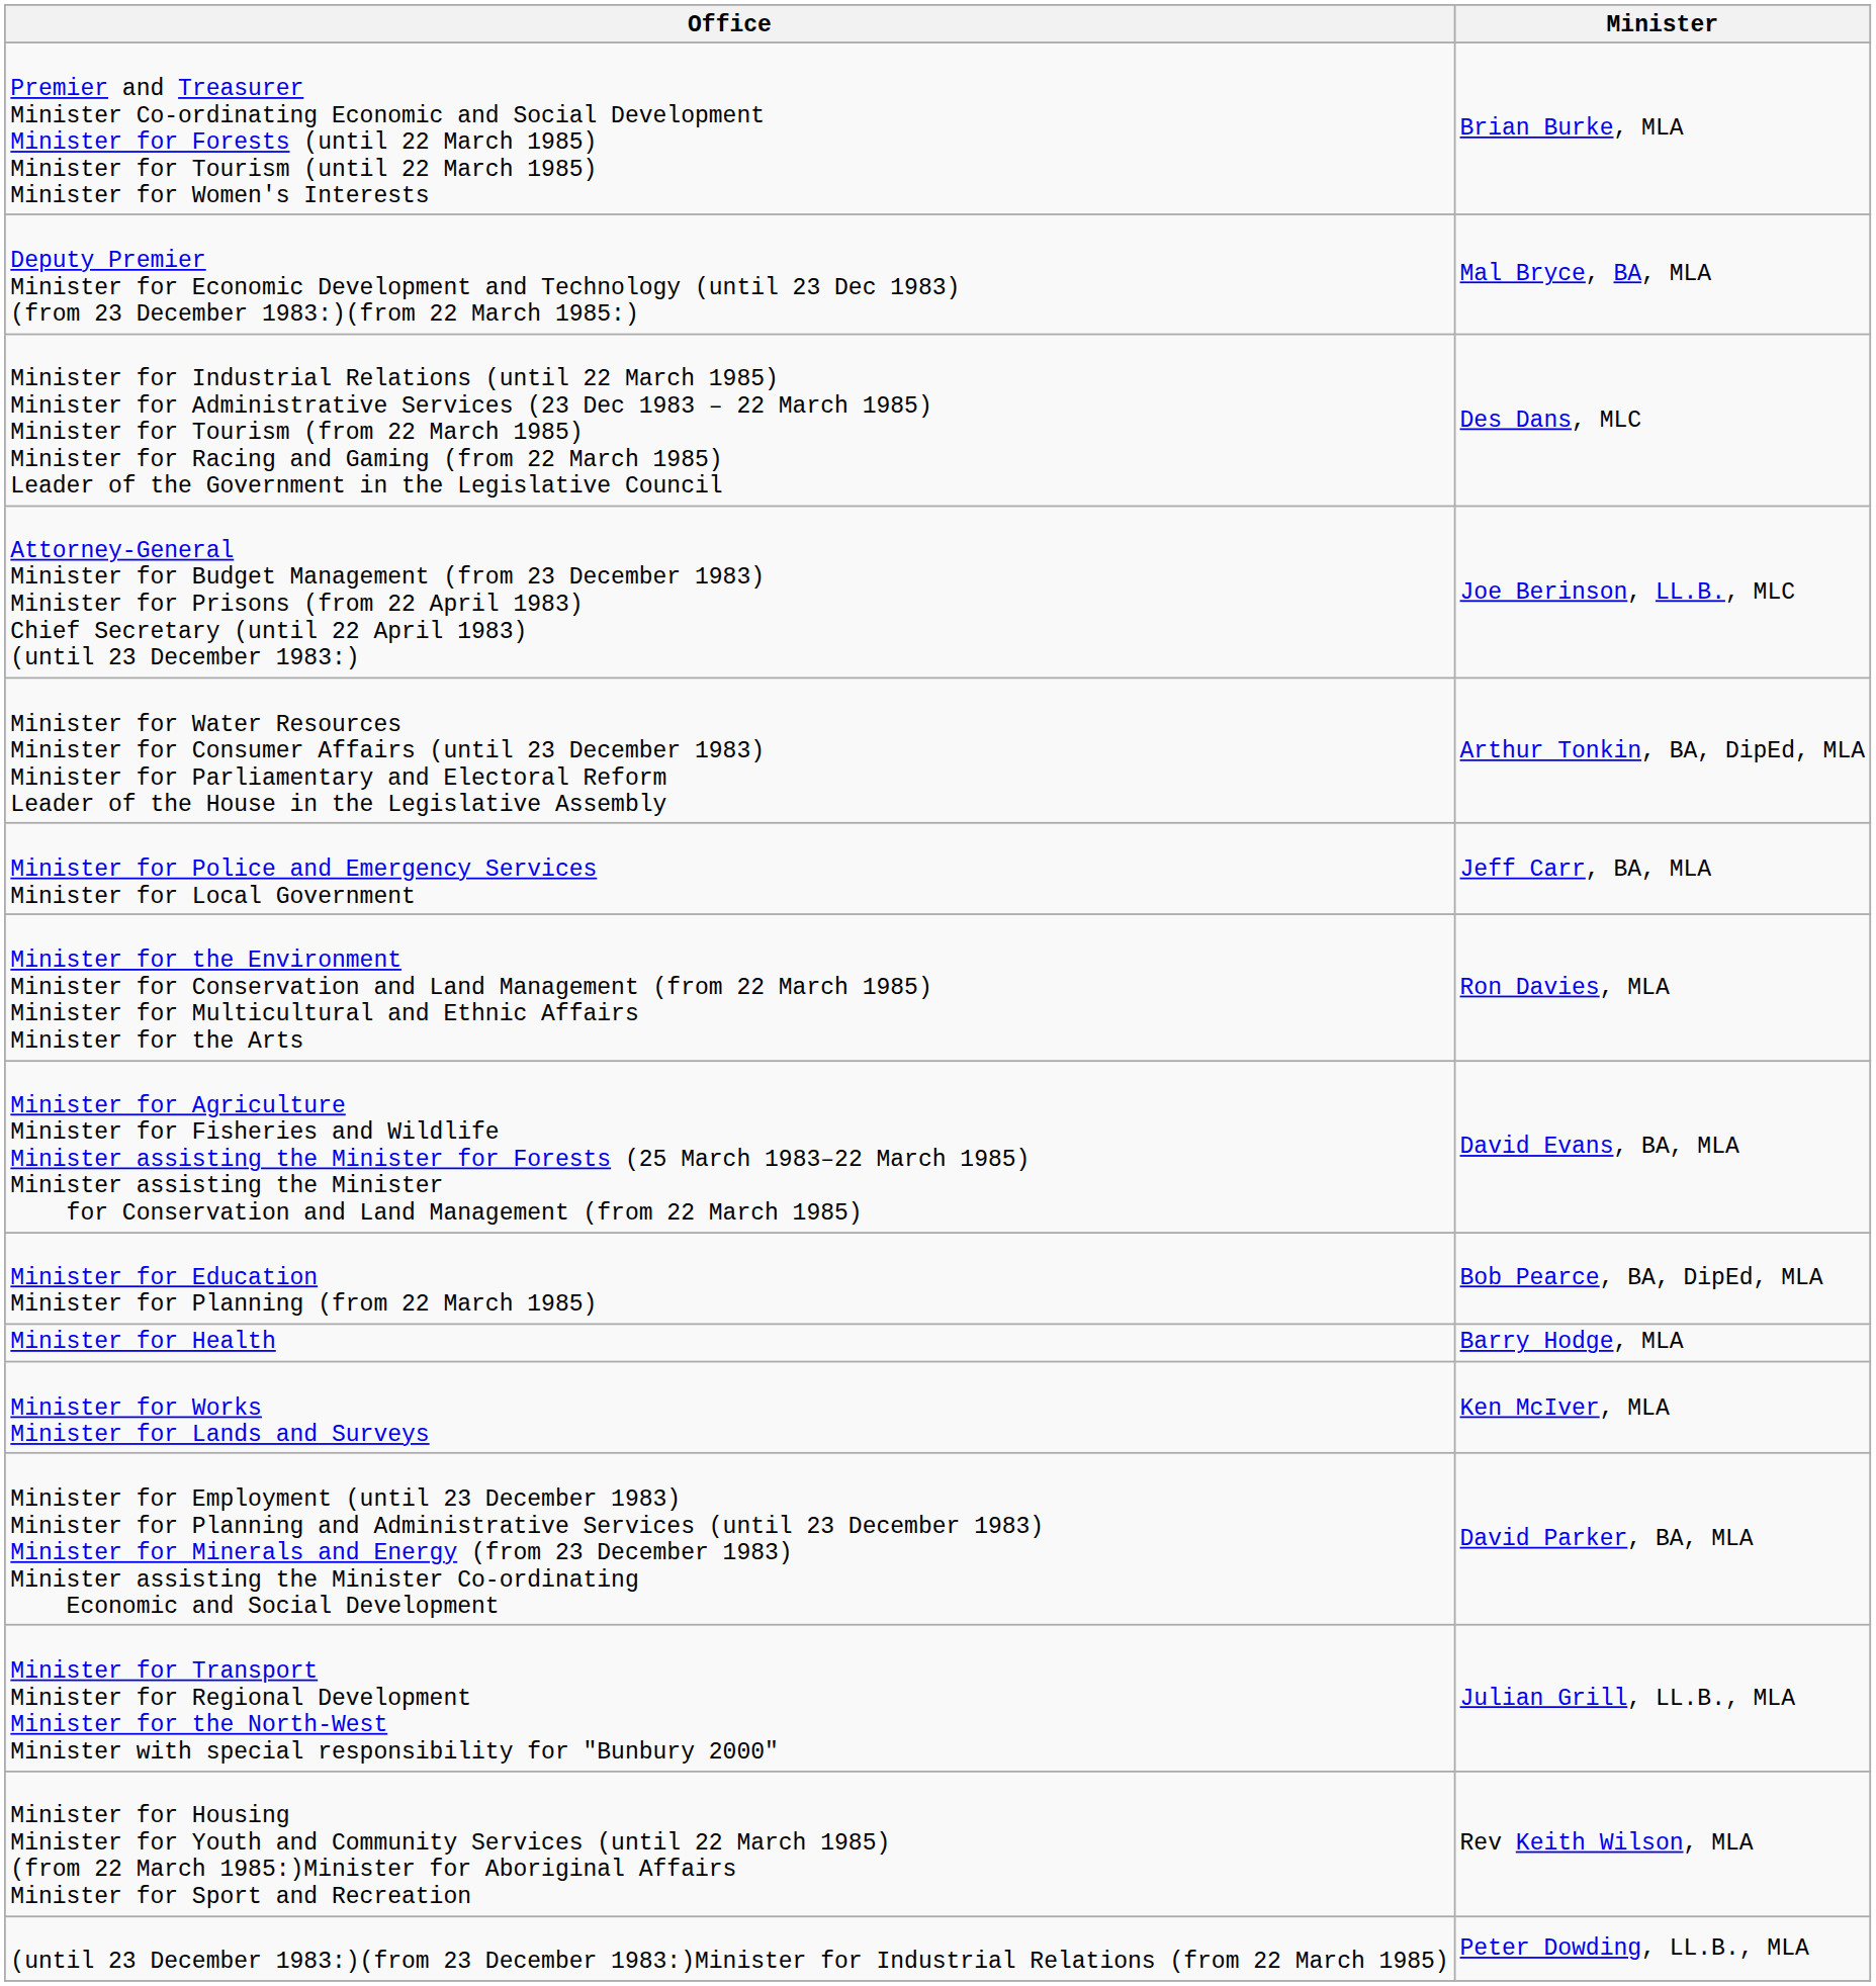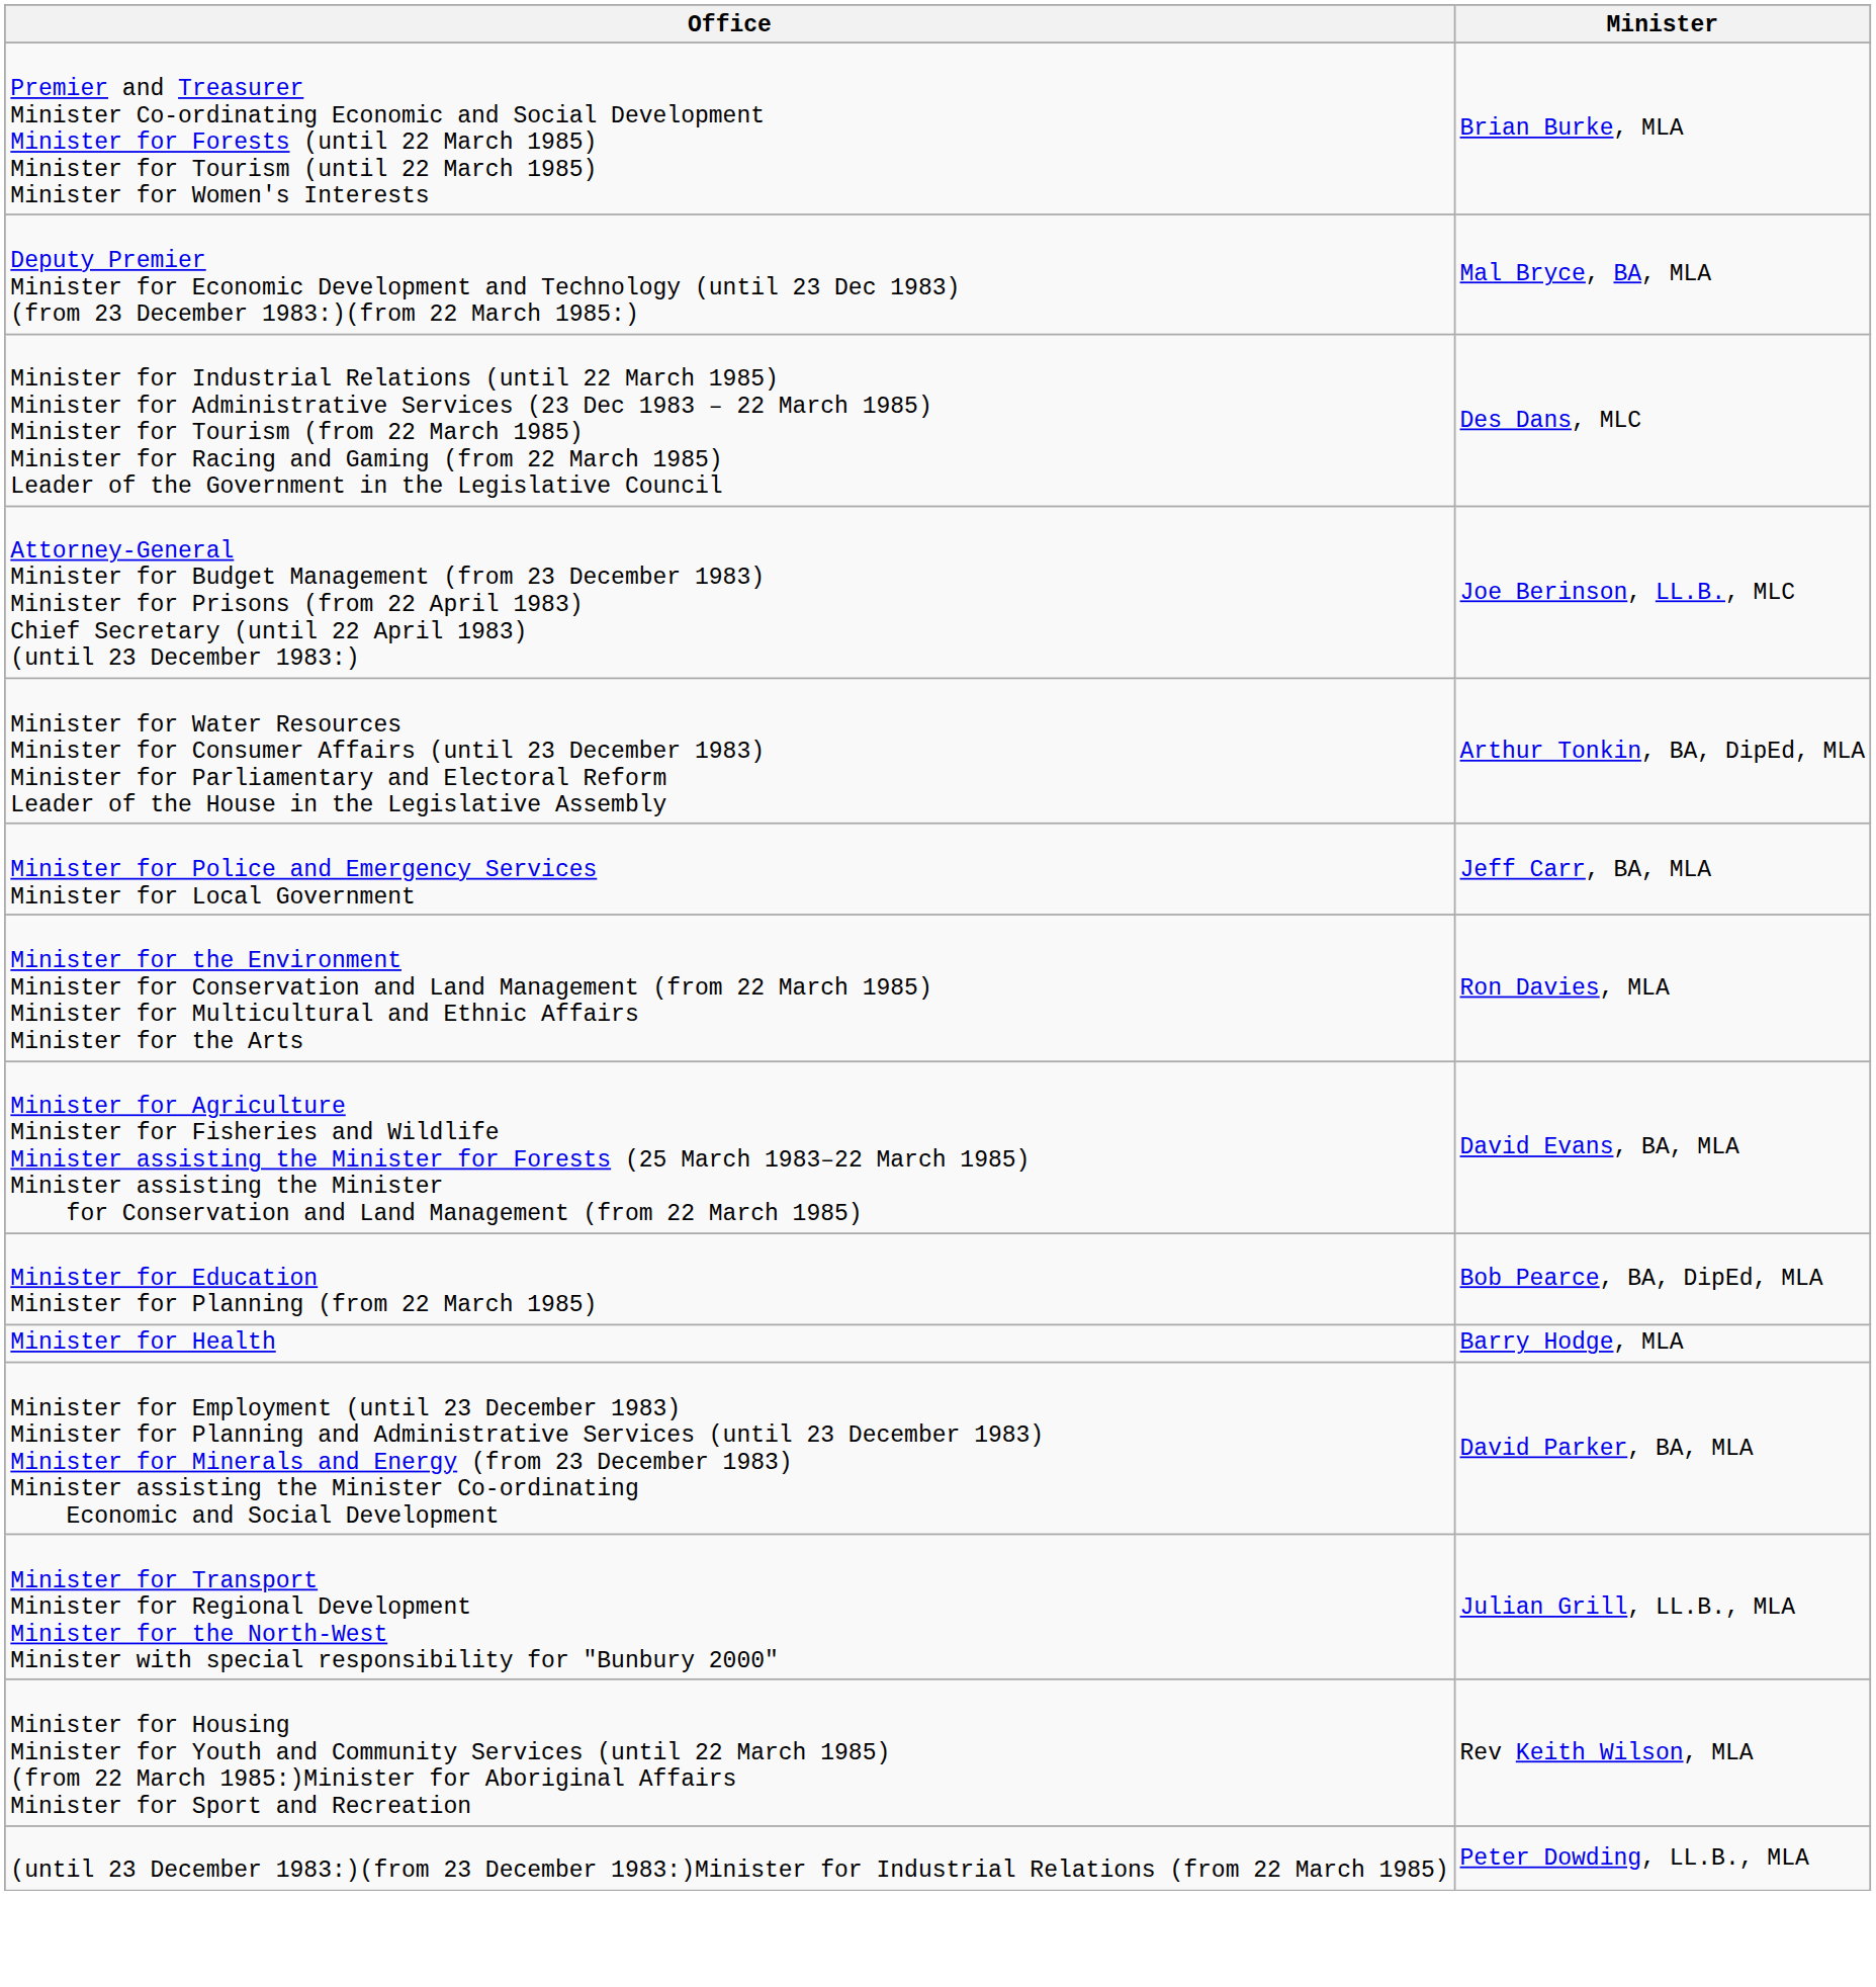 <table class="wikitable">
 <tr>
 <th>Office</th>
 <th>Minister</th>
 </tr>
 <tr>
 <td><br><a href='#'>Premier</a> and <a href='#'>Treasurer</a><br> Minister Co-ordinating Economic and Social Development<br> <a href='#'>Minister for Forests</a> (until 22 March 1985)<br> Minister for Tourism (until 22 March 1985)<br> Minister for Women's Interests</td>
 <td><a href='#'>Brian Burke</a>, MLA</td>
 </tr>
 <tr>
 <td><br><a href='#'>Deputy Premier</a><br> Minister for Economic Development and Technology (until 23 Dec 1983)<br>(from 23 December 1983:)(from 22 March 1985:)</td>
 <td><a href='#'>Mal Bryce</a>, <a href='#'>BA</a>, MLA</td>
 </tr>
 <tr>
 <td><br>Minister for Industrial Relations (until 22 March 1985)<br> Minister for Administrative Services (23 Dec 1983 – 22 March 1985)<br> Minister for Tourism (from 22 March 1985)<br> Minister for Racing and Gaming (from 22 March 1985)<br> Leader of the Government in the Legislative Council</td>
 <td><a href='#'>Des Dans</a>, MLC</td>
 </tr>
 <tr>
 <td><br><a href='#'>Attorney-General</a><br> Minister for Budget Management (from 23 December 1983)<br> Minister for Prisons (from 22 April 1983)<br> Chief Secretary (until 22 April 1983)<br>(until 23 December 1983:)<br></td>
 <td><a href='#'>Joe Berinson</a>, <a href='#'>LL.B.</a>, MLC</td>
 </tr>
 <tr>
 <td><br>Minister for Water Resources<br> Minister for Consumer Affairs (until 23 December 1983)<br> Minister for Parliamentary and Electoral Reform<br> Leader of the House in the Legislative Assembly</td>
 <td><a href='#'>Arthur Tonkin</a>, BA, DipEd, MLA</td>
 </tr>
 <tr>
 <td><br><a href='#'>Minister for Police and Emergency Services</a><br> Minister for Local Government</td>
 <td><a href='#'>Jeff Carr</a>, BA, MLA</td>
 </tr>
 <tr>
 <td><br><a href='#'>Minister for the Environment</a><br> Minister for Conservation and Land Management (from 22 March 1985)<br> Minister for Multicultural and Ethnic Affairs<br> Minister for the Arts</td>
 <td><a href='#'>Ron Davies</a>, MLA</td>
 </tr>
 <tr>
 <td><br><a href='#'>Minister for Agriculture</a><br> Minister for Fisheries and Wildlife<br> <a href='#'>Minister assisting the Minister for Forests</a> (25 March 1983–22 March 1985)<br> Minister assisting the Minister<br>    for Conservation and Land Management (from 22 March 1985)</td>
 <td><a href='#'>David Evans</a>, BA, MLA</td>
 </tr>
 <tr>
 <td><br><a href='#'>Minister for Education</a><br> Minister for Planning (from 22 March 1985)</td>
 <td><a href='#'>Bob Pearce</a>, BA, DipEd, MLA</td>
 </tr>
 <tr>
 <td><a href='#'>Minister for Health</a></td>
 <td><a href='#'>Barry Hodge</a>, MLA</td>
 </tr>
 <tr>
-<td><br><a href='#'>Minister for Works</a><br> <a href='#'>Minister for Lands and Surveys</a></td>
-<td><a href='#'>Ken McIver</a>, MLA</td>
-</tr>
-<tr>
 <td><br>Minister for Employment (until 23 December 1983)<br> Minister for Planning and Administrative Services (until 23 December 1983)<br> <a href='#'>Minister for Minerals and Energy</a> (from 23 December 1983)<br> Minister assisting the Minister Co-ordinating<br>    Economic and Social Development</td>
 <td><a href='#'>David Parker</a>, BA, MLA</td>
 </tr>
 <tr>
 <td><br><a href='#'>Minister for Transport</a><br> Minister for Regional Development<br> <a href='#'>Minister for the North-West</a><br> Minister with special responsibility for "Bunbury 2000"</td>
 <td><a href='#'>Julian Grill</a>, LL.B., MLA</td>
 </tr>
 <tr>
 <td><br>Minister for Housing<br> Minister for Youth and Community Services (until 22 March 1985)<br> (from 22 March 1985:)Minister for Aboriginal Affairs<br> Minister for Sport and Recreation</td>
 <td>Rev <a href='#'>Keith Wilson</a>, MLA</td>
 </tr>
 <tr>
 <td><br>(until 23 December 1983:)(from 23 December 1983:)Minister for Industrial Relations (from 22 March 1985)</td>
 <td><a href='#'>Peter Dowding</a>, LL.B., MLA</td>
 </tr>
 </table>
